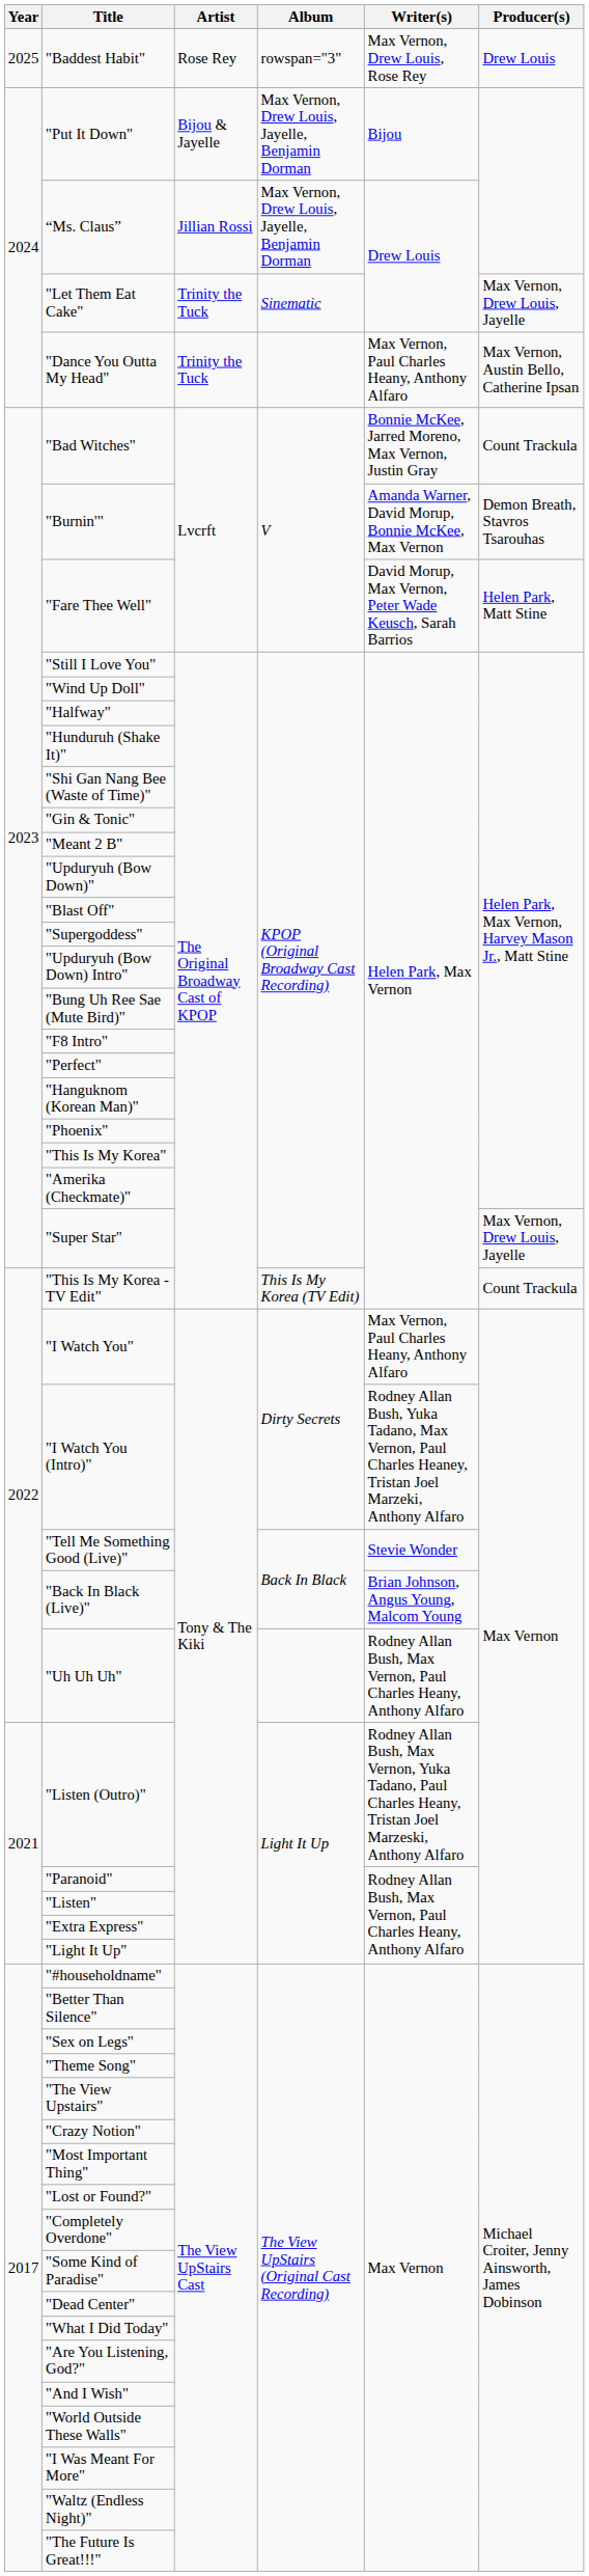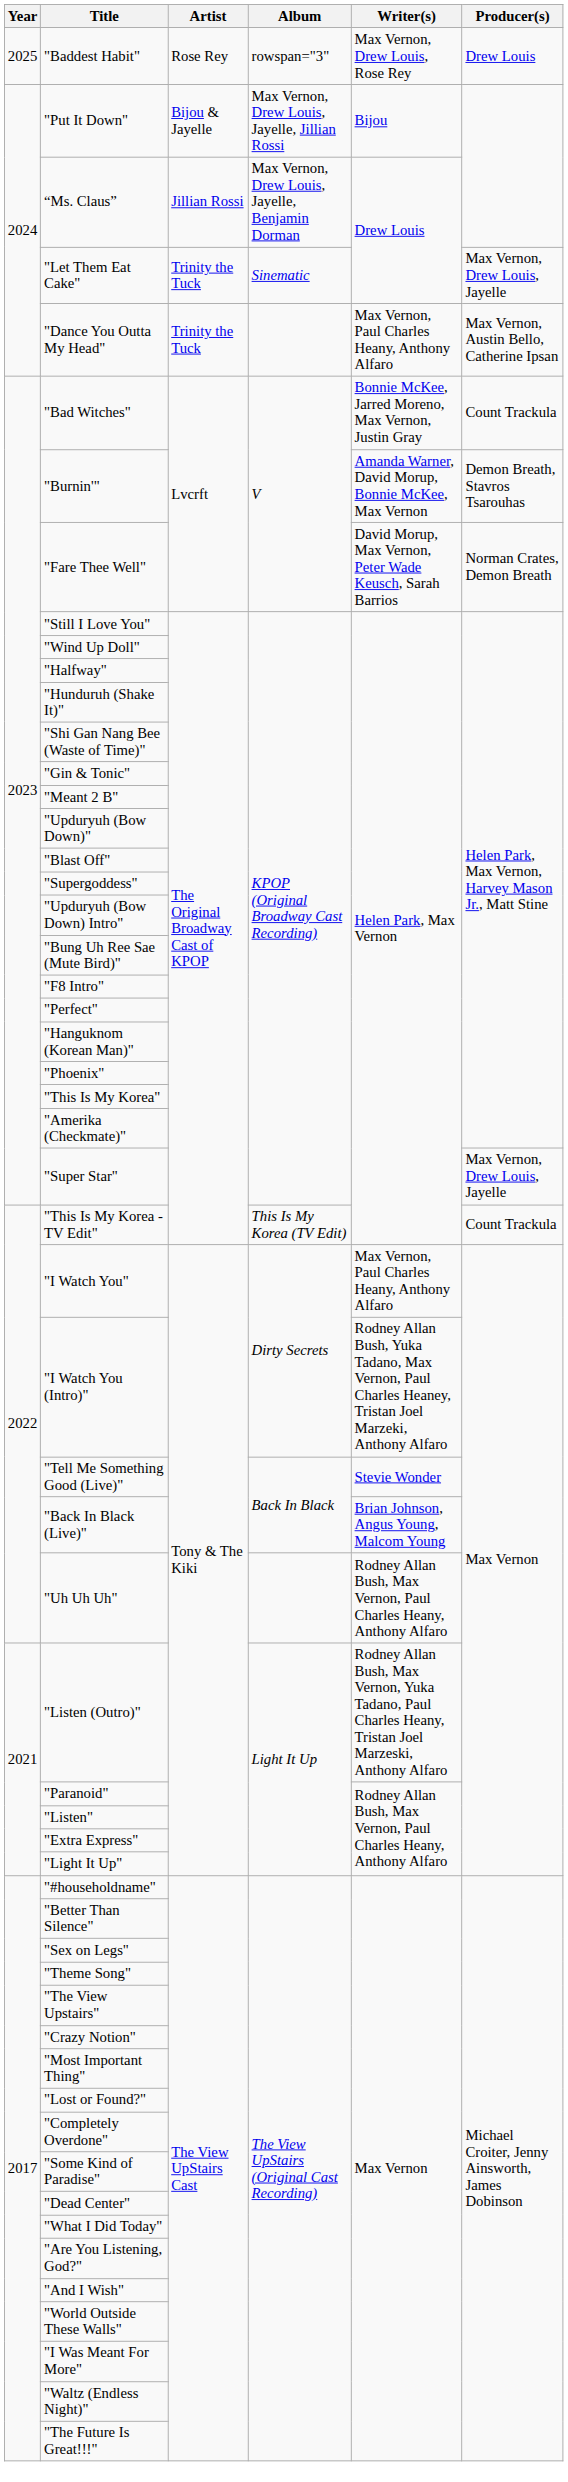 <table class="wikitable plainrowheaders" style="text-align:left;">
 <tr>
 <th>Year</th>
 <th>Title</th>
 <th>Artist</th>
 <th>Album</th>
 <th>Writer(s)</th>
 <th>Producer(s)</th>
 </tr>
 <tr>
 <td>2025</td>
 <td>"Baddest Habit"</td>
 <td>Rose Rey</td>
 <td>rowspan="3"</td>
 <td>Max Vernon, <a href='#'>Drew Louis</a>, Rose Rey</td>
 <td><a href='#'>Drew Louis</a></td>
 </tr>
 <tr>
 <td rowspan="4">2024</td>
 <td>"Put It Down"</td>
 <td><a href='#'>Bijou</a> & Jayelle</td>
-<td>Max Vernon, <a href='#'>Drew Louis</a>, Jayelle, <a href='#'>Benjamin Dorman</a></td>
+<td>Max Vernon, <a href='#'>Drew Louis</a>, Jayelle, <a href='#'>Jillian Rossi</a></td>
 <td><a href='#'>Bijou</a></td>
 </tr>
 <tr>
 <td>“Ms. Claus”</td>
 <td><a href='#'>Jillian Rossi</a></td>
 <td>Max Vernon, <a href='#'>Drew Louis</a>, Jayelle, <a href='#'>Benjamin Dorman</a></td>
 <td rowspan="2"><a href='#'>Drew Louis</a></td>
 </tr>
 <tr>
 <td>"Let Them Eat Cake"</td>
 <td><a href='#'>Trinity the Tuck</a></td>
 <td><em><a href='#'>Sinematic</a></em></td>
 <td>Max Vernon, <a href='#'>Drew Louis</a>, Jayelle</td>
 </tr>
 <tr>
 <td>"Dance You Outta My Head"</td>
 <td><a href='#'>Trinity the Tuck</a></td>
 <td></td>
 <td>Max Vernon, Paul Charles Heany, Anthony Alfaro</td>
 <td>Max Vernon, Austin Bello, Catherine Ipsan</td>
 </tr>
 <tr>
 <td rowspan="22">2023</td>
 <td>"Bad Witches"</td>
 <td rowspan="3">Lvcrft</td>
 <td rowspan="3"><em>V</em></td>
 <td><a href='#'>Bonnie McKee</a>, Jarred Moreno, Max Vernon, Justin Gray</td>
 <td>Count Trackula</td>
 </tr>
 <tr>
 <td>"Burnin'"</td>
 <td><a href='#'>Amanda Warner</a>, David Morup, <a href='#'>Bonnie McKee</a>, Max Vernon</td>
 <td>Demon Breath, Stavros Tsarouhas</td>
 </tr>
 <tr>
 <td>"Fare Thee Well"</td>
 <td>David Morup, Max Vernon, <a href='#'>Peter Wade Keusch</a>, Sarah Barrios</td>
-<td><a href='#'>Helen Park</a>, Matt Stine</td>
+<td>Norman Crates, Demon Breath</td>
 </tr>
 <tr>
 <td>"Still I Love You"</td>
 <td rowspan="20"><a href='#'>The Original Broadway Cast of KPOP</a></td>
 <td rowspan="19"><a href='#'><em>KPOP (Original Broadway Cast Recording)</em></a></td>
 <td rowspan="20"><a href='#'>Helen Park</a>, Max Vernon</td>
 <td rowspan="18"><a href='#'>Helen Park</a>, Max Vernon, <a href='#'>Harvey Mason Jr.</a>, Matt Stine</td>
 </tr>
 <tr>
 <td>"Wind Up Doll"</td>
 </tr>
 <tr>
 <td>"Halfway"</td>
 </tr>
 <tr>
 <td>"Hunduruh (Shake It)"</td>
 </tr>
 <tr>
 <td>"Shi Gan Nang Bee (Waste of Time)"</td>
 </tr>
 <tr>
 <td>"Gin & Tonic"</td>
 </tr>
 <tr>
 <td>"Meant 2 B"</td>
 </tr>
 <tr>
 <td>"Upduryuh (Bow Down)"</td>
 </tr>
 <tr>
 <td>"Blast Off"</td>
 </tr>
 <tr>
 <td>"Supergoddess"</td>
 </tr>
 <tr>
 <td>"Upduryuh (Bow Down) Intro"</td>
 </tr>
 <tr>
 <td>"Bung Uh Ree Sae (Mute Bird)"</td>
 </tr>
 <tr>
 <td>"F8 Intro"</td>
 </tr>
 <tr>
 <td>"Perfect"</td>
 </tr>
 <tr>
 <td>"Hanguknom (Korean Man)"</td>
 </tr>
 <tr>
 <td>"Phoenix"</td>
 </tr>
 <tr>
 <td>"This Is My Korea"</td>
 </tr>
 <tr>
 <td>"Amerika (Checkmate)"</td>
 </tr>
 <tr>
 <td>"Super Star"<br></td>
 <td>Max Vernon, <a href='#'>Drew Louis</a>, Jayelle</td>
 </tr>
 <tr>
 <td rowspan="6">2022</td>
 <td>"This Is My Korea - TV Edit"</td>
 <td><em>This Is My Korea (TV Edit)</em></td>
 <td>Count Trackula</td>
 </tr>
 <tr>
 <td>"I Watch You"</td>
 <td rowspan="10">Tony & The Kiki</td>
 <td rowspan="2"><em>Dirty Secrets</em></td>
 <td>Max Vernon, Paul Charles Heany, Anthony Alfaro</td>
 <td rowspan="10">Max Vernon</td>
 </tr>
 <tr>
 <td>"I Watch You (Intro)"</td>
 <td>Rodney Allan Bush, Yuka Tadano, Max Vernon, Paul Charles Heaney, Tristan Joel Marzeki, Anthony Alfaro</td>
 </tr>
 <tr>
 <td>"Tell Me Something Good (Live)"</td>
 <td rowspan="2"><em>Back In Black</em></td>
 <td><a href='#'>Stevie Wonder</a></td>
 </tr>
 <tr>
 <td>"Back In Black (Live)"</td>
 <td><a href='#'>Brian Johnson</a>, <a href='#'>Angus Young</a>, <a href='#'>Malcom Young</a></td>
 </tr>
 <tr>
 <td>"Uh Uh Uh"</td>
 <td></td>
 <td>Rodney Allan Bush, Max Vernon, Paul Charles Heany, Anthony Alfaro</td>
 </tr>
 <tr>
 <td rowspan="5">2021</td>
 <td>"Listen (Outro)"</td>
 <td rowspan="5"><em>Light It Up</em></td>
 <td>Rodney Allan Bush, Max Vernon, Yuka Tadano, Paul Charles Heany, Tristan Joel Marzeski, Anthony Alfaro</td>
 </tr>
 <tr>
 <td>"Paranoid"</td>
 <td rowspan="4">Rodney Allan Bush, Max Vernon, Paul Charles Heany, Anthony Alfaro</td>
 </tr>
 <tr>
 <td>"Listen"</td>
 </tr>
 <tr>
 <td>"Extra Express"</td>
 </tr>
 <tr>
 <td>"Light It Up"</td>
 </tr>
 <tr>
 <td rowspan="18">2017</td>
 <td>"#householdname"</td>
 <td rowspan="18"><a href='#'>The View UpStairs Cast</a></td>
 <td rowspan="18"><em><a href='#'>The View UpStairs (Original Cast Recording)</a></em></td>
 <td rowspan="18">Max Vernon</td>
 <td rowspan="18">Michael Croiter, Jenny Ainsworth, James Dobinson</td>
 </tr>
 <tr>
 <td>"Better Than Silence"</td>
 </tr>
 <tr>
 <td>"Sex on Legs"</td>
 </tr>
 <tr>
 <td>"Theme Song"</td>
 </tr>
 <tr>
 <td>"The View Upstairs"</td>
 </tr>
 <tr>
 <td>"Crazy Notion"</td>
 </tr>
 <tr>
 <td>"Most Important Thing"</td>
 </tr>
 <tr>
 <td>"Lost or Found?"</td>
 </tr>
 <tr>
 <td>"Completely Overdone"</td>
 </tr>
 <tr>
 <td>"Some Kind of Paradise"</td>
 </tr>
 <tr>
 <td>"Dead Center"</td>
 </tr>
 <tr>
 <td>"What I Did Today"</td>
 </tr>
 <tr>
 <td>"Are You Listening, God?"</td>
 </tr>
 <tr>
 <td>"And I Wish"</td>
 </tr>
 <tr>
 <td>"World Outside These Walls"</td>
 </tr>
 <tr>
 <td>"I Was Meant For More"</td>
 </tr>
 <tr>
 <td>"Waltz (Endless Night)"</td>
 </tr>
 <tr>
 <td>"The Future Is Great!!!"</td>
 </tr>
 </table>
